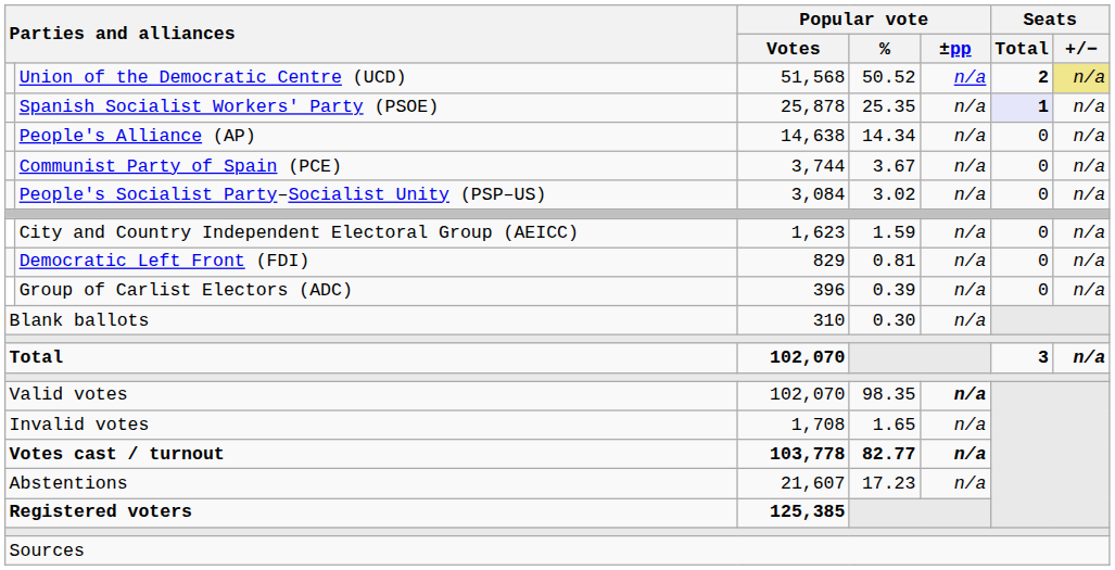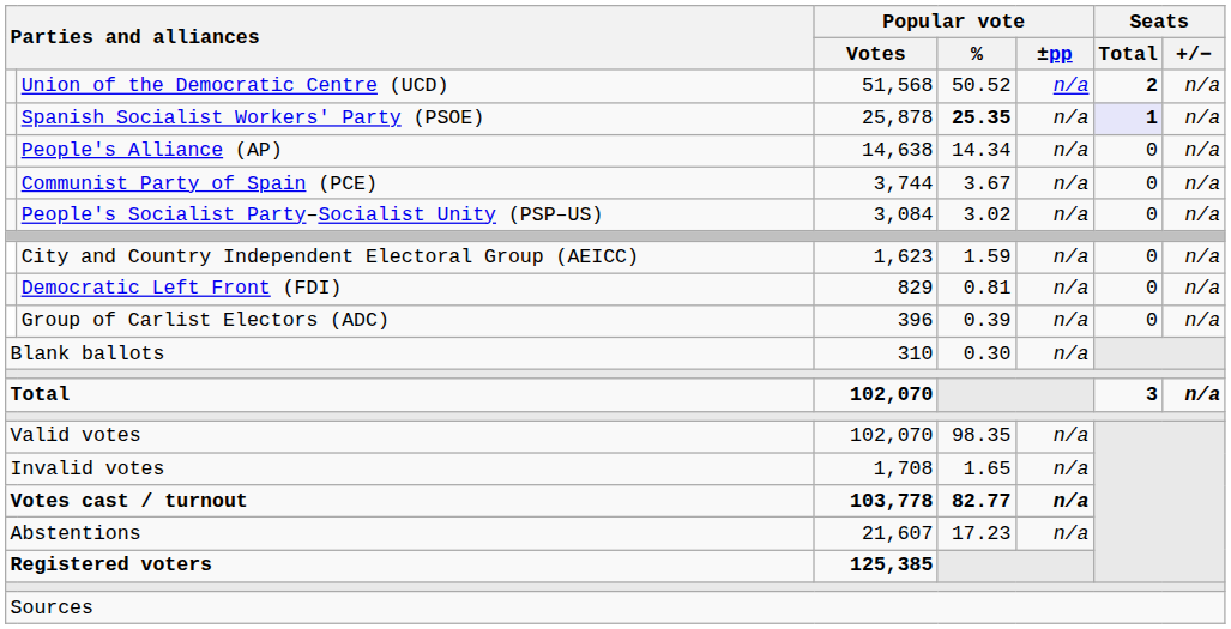 <table class="wikitable" style="text-align:right;">
 <tr>
 <th style="text-align:left;" rowspan="2" colspan="2" width="525">Parties and alliances</th>
 <th colspan="3">Popular vote</th>
 <th colspan="2">Seats</th>
 </tr>
 <tr>
 <th width="75">Votes</th>
 <th width="45">%</th>
 <th width="45">±<a href='#'>pp</a></th>
 <th width="35">Total</th>
 <th width="35">+/−</th>
 </tr>
 <tr>
 <td width="1" style="color:inherit;background:"></td>
 <td align="left"><a href='#'>Union of the Democratic Centre</a> (UCD)</td>
 <td>51,568</td>
 <td>50.52</td>
 <td><em><a href='#'>n/a</a></em></td>
 <td><strong>2</strong></td>
-<td style="background: khaki;"><em>n/a</em></td>
+<td><em>n/a</em></td>
 </tr>
 <tr>
 <td style="color:inherit;background:"></td>
 <td align="left"><a href='#'>Spanish Socialist Workers' Party</a> (PSOE)</td>
 <td>25,878</td>
-<td>25.35</td>
+<td><strong>25.35</strong></td>
 <td><em>n/a</em></td>
 <td style="background: lavender;"><strong>1</strong></td>
 <td><em>n/a</em></td>
 </tr>
 <tr>
 <td style="color:inherit;background:"></td>
 <td align="left"><a href='#'>People's Alliance</a> (AP)</td>
 <td>14,638</td>
 <td>14.34</td>
 <td><em>n/a</em></td>
 <td>0</td>
 <td><em>n/a</em></td>
 </tr>
 <tr>
 <td style="color:inherit;background:"></td>
 <td align="left"><a href='#'>Communist Party of Spain</a> (PCE)</td>
 <td>3,744</td>
 <td>3.67</td>
 <td><em>n/a</em></td>
 <td>0</td>
 <td><em>n/a</em></td>
 </tr>
 <tr>
 <td style="color:inherit;background:"></td>
 <td align="left"><a href='#'>People's Socialist Party</a>–<a href='#'>Socialist Unity</a> (PSP–US)</td>
 <td>3,084</td>
 <td>3.02</td>
 <td><em>n/a</em></td>
 <td>0</td>
 <td><em>n/a</em></td>
 </tr>
 <tr>
 <td colspan="7" bgcolor="#C0C0C0"></td>
 </tr>
 <tr>
 <td bgcolor="white"></td>
 <td align="left">City and Country Independent Electoral Group (AEICC)</td>
 <td>1,623</td>
 <td>1.59</td>
 <td><em>n/a</em></td>
 <td>0</td>
 <td><em>n/a</em></td>
 </tr>
 <tr>
 <td style="color:inherit;background:"></td>
 <td align="left"><a href='#'>Democratic Left Front</a> (FDI)</td>
 <td>829</td>
 <td>0.81</td>
 <td><em>n/a</em></td>
 <td>0</td>
 <td><em>n/a</em></td>
 </tr>
 <tr>
 <td bgcolor="white"></td>
 <td align="left">Group of Carlist Electors (ADC)</td>
 <td>396</td>
 <td>0.39</td>
 <td><em>n/a</em></td>
 <td>0</td>
 <td><em>n/a</em></td>
 </tr>
 <tr>
 <td align="left" colspan="2">Blank ballots</td>
 <td>310</td>
 <td>0.30</td>
 <td><em>n/a</em></td>
 <td bgcolor="#E9E9E9" colspan="2"></td>
 </tr>
 <tr>
 <td colspan="7" bgcolor="#E9E9E9"></td>
 </tr>
 <tr style="font-weight:bold;">
 <td align="left" colspan="2">Total</td>
 <td>102,070</td>
 <td bgcolor="#E9E9E9" colspan="2"></td>
 <td>3</td>
 <td><em>n/a</em></td>
 </tr>
 <tr>
 <td colspan="7" bgcolor="#E9E9E9"></td>
 </tr>
 <tr>
 <td align="left" colspan="2">Valid votes</td>
 <td>102,070</td>
 <td>98.35</td>
-<td><strong><em>n/a</em></strong></td>
+<td><em>n/a</em></td>
 <td bgcolor="#E9E9E9" colspan="2" rowspan="5"></td>
 </tr>
 <tr>
 <td align="left" colspan="2">Invalid votes</td>
 <td>1,708</td>
 <td>1.65</td>
 <td><em>n/a</em></td>
 </tr>
 <tr style="font-weight:bold;">
 <td align="left" colspan="2">Votes cast / turnout</td>
 <td>103,778</td>
 <td>82.77</td>
 <td><em>n/a</em></td>
 </tr>
 <tr>
 <td align="left" colspan="2">Abstentions</td>
 <td>21,607</td>
 <td>17.23</td>
 <td><em>n/a</em></td>
 </tr>
 <tr style="font-weight:bold;">
 <td align="left" colspan="2">Registered voters</td>
 <td>125,385</td>
 <td bgcolor="#E9E9E9" colspan="2"></td>
 </tr>
 <tr>
 <td colspan="7" bgcolor="#E9E9E9"></td>
 </tr>
 <tr>
 <td align="left" colspan="7">Sources</td>
 </tr>
 </table>
